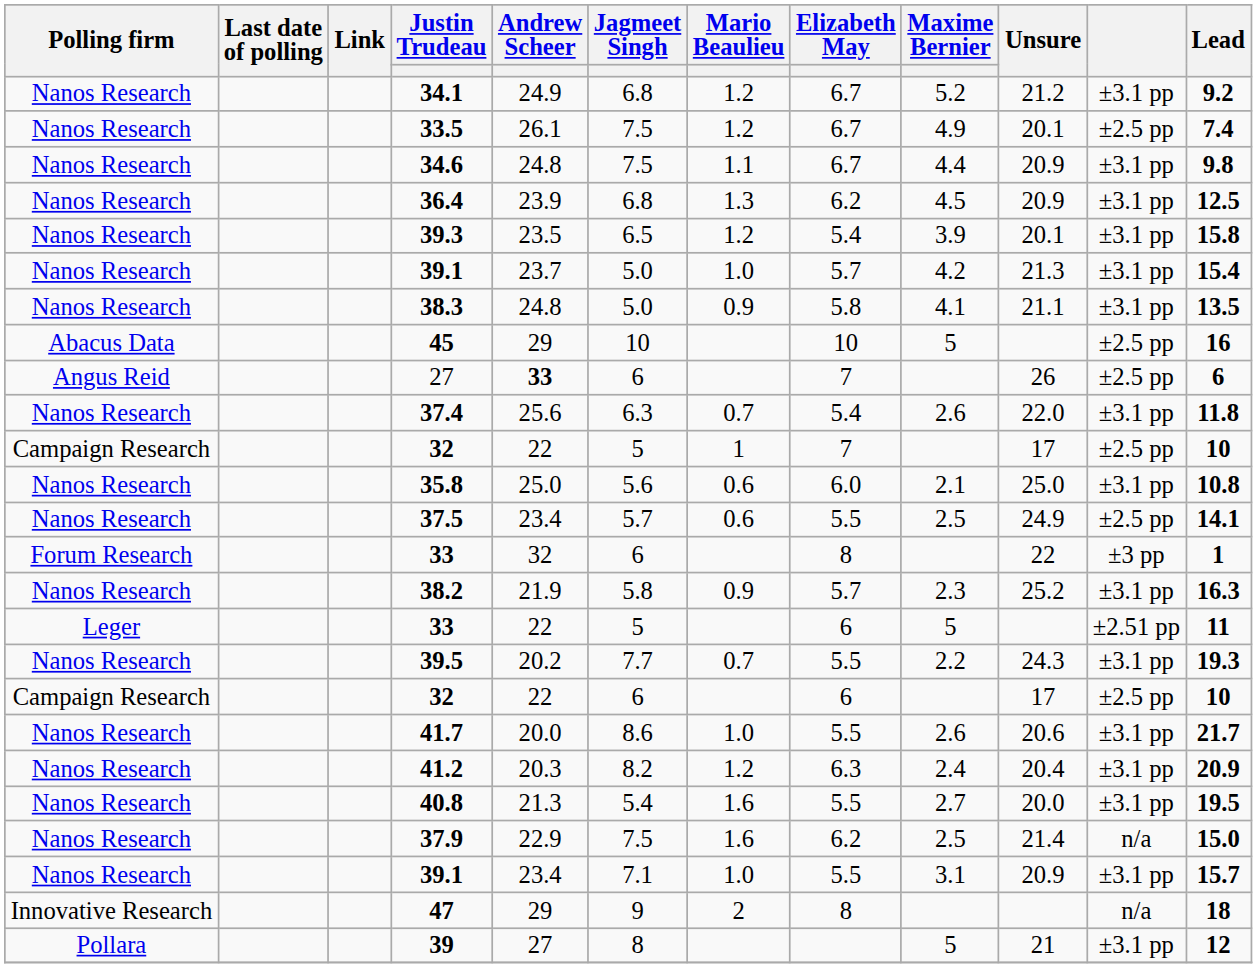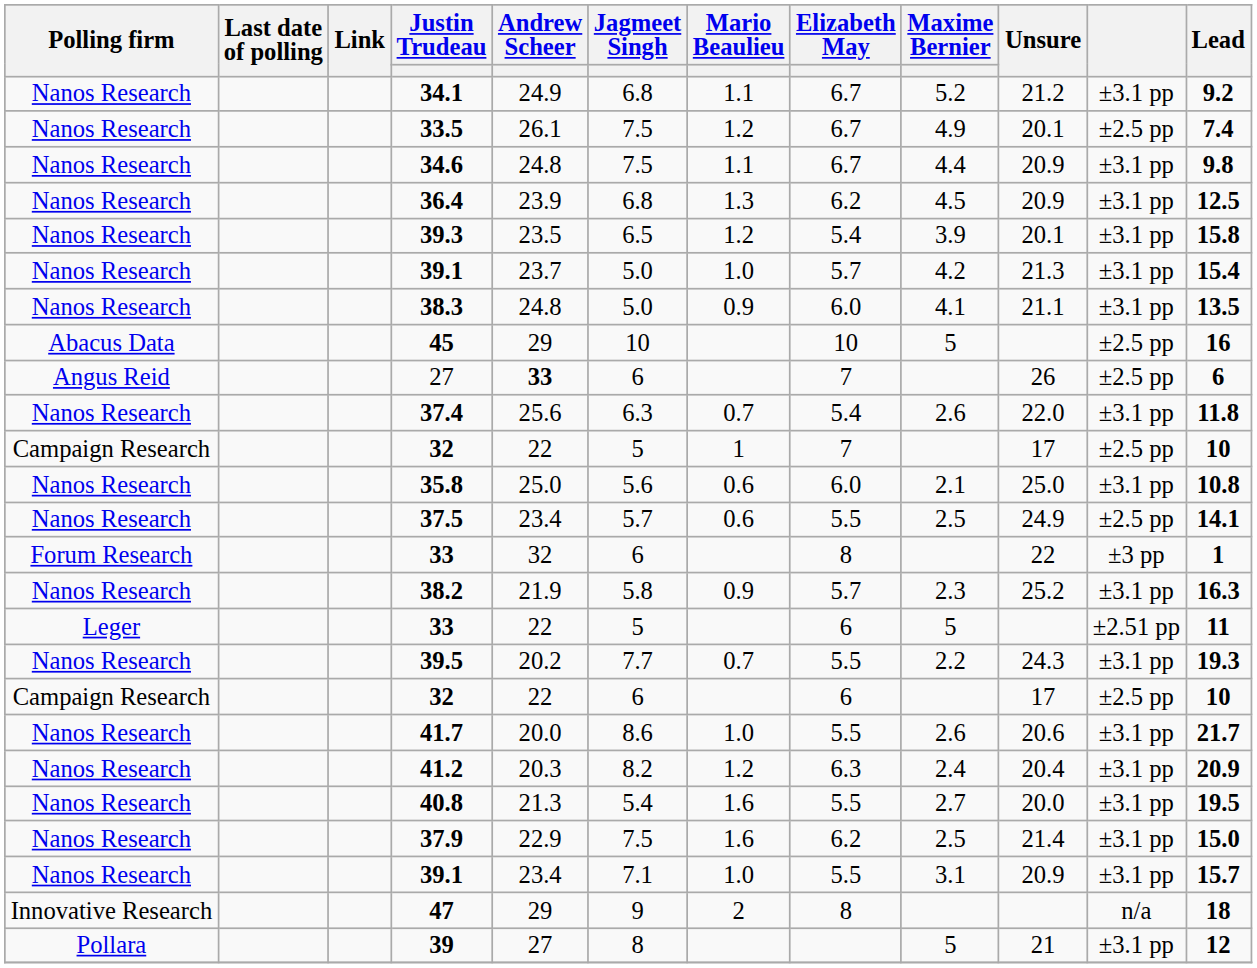 <table class="wikitable sortable mw-datatable" style="text-align:center;font-size:90%;line-height:14px;">
 <tr>
 <th rowspan="2">Polling firm</th>
 <th rowspan="2">Last date<br>of polling</th>
 <th rowspan="2">Link</th>
 <th class="unsortable" style="width:40px;"><a href='#'>Justin Trudeau</a></th>
 <th class="unsortable" style="width:40px;"><a href='#'>Andrew Scheer</a></th>
 <th class="unsortable" style="width:40px;"><a href='#'>Jagmeet Singh</a></th>
 <th class="unsortable" style="width:40px;"><a href='#'>Mario Beaulieu</a></th>
 <th class="unsortable" style="width:40px;"><a href='#'>Elizabeth May</a></th>
 <th class="unsortable" style="width:40px;"><a href='#'>Maxime Bernier</a></th>
 <th rowspan="2">Unsure</th>
 <th rowspan="2"></th>
 <th rowspan="2">Lead</th>
 </tr>
 <tr style="background:#e9e9e9;">
 <th style="background-color:"></th>
 <th style="background-color:"></th>
 <th style="background-color:"></th>
 <th style="background-color:"></th>
 <th style="background-color:"></th>
 <th style="background-color:"></th>
 </tr>
 <tr>
 <td><a href='#'>Nanos Research</a></td>
 <td></td>
 <td></td>
 <td><strong>34.1</strong></td>
 <td>24.9</td>
 <td>6.8</td>
-<td>1.2</td>
+<td>1.1</td>
 <td>6.7</td>
 <td>5.2</td>
 <td>21.2</td>
 <td>±3.1 pp</td>
 <td><strong>9.2</strong></td>
 </tr>
 <tr>
 <td><a href='#'>Nanos Research</a></td>
 <td></td>
 <td></td>
 <td><strong>33.5</strong></td>
 <td>26.1</td>
 <td>7.5</td>
 <td>1.2</td>
 <td>6.7</td>
 <td>4.9</td>
 <td>20.1</td>
 <td>±2.5 pp</td>
 <td><strong>7.4</strong></td>
 </tr>
 <tr>
 <td><a href='#'>Nanos Research</a></td>
 <td></td>
 <td></td>
 <td><strong>34.6</strong></td>
 <td>24.8</td>
 <td>7.5</td>
 <td>1.1</td>
 <td>6.7</td>
 <td>4.4</td>
 <td>20.9</td>
 <td>±3.1 pp</td>
 <td><strong>9.8</strong></td>
 </tr>
 <tr>
 <td><a href='#'>Nanos Research</a></td>
 <td></td>
 <td></td>
 <td><strong>36.4</strong></td>
 <td>23.9</td>
 <td>6.8</td>
 <td>1.3</td>
 <td>6.2</td>
 <td>4.5</td>
 <td>20.9</td>
 <td>±3.1 pp</td>
 <td><strong>12.5</strong></td>
 </tr>
 <tr>
 <td><a href='#'>Nanos Research</a></td>
 <td></td>
 <td></td>
 <td><strong>39.3</strong></td>
 <td>23.5</td>
 <td>6.5</td>
 <td>1.2</td>
 <td>5.4</td>
 <td>3.9</td>
 <td>20.1</td>
 <td>±3.1 pp</td>
 <td><strong>15.8</strong></td>
 </tr>
 <tr>
 <td><a href='#'>Nanos Research</a></td>
 <td></td>
 <td></td>
 <td><strong>39.1</strong></td>
 <td>23.7</td>
 <td>5.0</td>
 <td>1.0</td>
 <td>5.7</td>
 <td>4.2</td>
 <td>21.3</td>
 <td>±3.1 pp</td>
 <td><strong>15.4</strong></td>
 </tr>
 <tr>
 <td><a href='#'>Nanos Research</a></td>
 <td></td>
 <td></td>
 <td><strong>38.3</strong></td>
 <td>24.8</td>
 <td>5.0</td>
 <td>0.9</td>
-<td>5.8</td>
+<td>6.0</td>
 <td>4.1</td>
 <td>21.1</td>
 <td>±3.1 pp</td>
 <td><strong>13.5</strong></td>
 </tr>
 <tr>
 <td><a href='#'>Abacus Data</a></td>
 <td></td>
 <td></td>
 <td><strong>45</strong></td>
 <td>29</td>
 <td>10</td>
 <td></td>
 <td>10</td>
 <td>5</td>
 <td></td>
 <td>±2.5 pp</td>
 <td><strong>16</strong></td>
 </tr>
 <tr>
 <td><a href='#'>Angus Reid</a></td>
 <td></td>
 <td></td>
 <td>27</td>
 <td><strong>33</strong></td>
 <td>6</td>
 <td></td>
 <td>7</td>
 <td></td>
 <td>26</td>
 <td>±2.5 pp</td>
 <td><strong>6</strong></td>
 </tr>
 <tr>
 <td><a href='#'>Nanos Research</a></td>
 <td></td>
 <td></td>
 <td><strong>37.4</strong></td>
 <td>25.6</td>
 <td>6.3</td>
 <td>0.7</td>
 <td>5.4</td>
 <td>2.6</td>
 <td>22.0</td>
 <td>±3.1 pp</td>
 <td><strong>11.8</strong></td>
 </tr>
 <tr>
 <td>Campaign Research</td>
 <td></td>
 <td></td>
 <td><strong>32</strong></td>
 <td>22</td>
 <td>5</td>
 <td>1</td>
 <td>7</td>
 <td></td>
 <td>17</td>
 <td>±2.5 pp</td>
 <td><strong>10</strong></td>
 </tr>
 <tr>
 <td><a href='#'>Nanos Research</a></td>
 <td></td>
 <td></td>
 <td><strong>35.8</strong></td>
 <td>25.0</td>
 <td>5.6</td>
 <td>0.6</td>
 <td>6.0</td>
 <td>2.1</td>
 <td>25.0</td>
 <td>±3.1 pp</td>
 <td><strong>10.8</strong></td>
 </tr>
 <tr>
 <td><a href='#'>Nanos Research</a></td>
 <td></td>
 <td></td>
 <td><strong>37.5</strong></td>
 <td>23.4</td>
 <td>5.7</td>
 <td>0.6</td>
 <td>5.5</td>
 <td>2.5</td>
 <td>24.9</td>
 <td>±2.5 pp</td>
 <td><strong>14.1</strong></td>
 </tr>
 <tr>
 <td><a href='#'>Forum Research</a></td>
 <td></td>
 <td></td>
 <td><strong>33</strong></td>
 <td>32</td>
 <td>6</td>
 <td></td>
 <td>8</td>
 <td></td>
 <td>22</td>
 <td>±3 pp</td>
 <td><strong>1</strong></td>
 </tr>
 <tr>
 <td><a href='#'>Nanos Research</a></td>
 <td></td>
 <td></td>
 <td><strong>38.2</strong></td>
 <td>21.9</td>
 <td>5.8</td>
 <td>0.9</td>
 <td>5.7</td>
 <td>2.3</td>
 <td>25.2</td>
 <td>±3.1 pp</td>
 <td><strong>16.3</strong></td>
 </tr>
 <tr>
 <td><a href='#'>Leger</a></td>
 <td></td>
 <td></td>
 <td><strong>33</strong></td>
 <td>22</td>
 <td>5</td>
 <td></td>
 <td>6</td>
 <td>5</td>
 <td></td>
 <td>±2.51 pp</td>
 <td><strong>11</strong></td>
 </tr>
 <tr>
 <td><a href='#'>Nanos Research</a></td>
 <td></td>
 <td></td>
 <td><strong>39.5</strong></td>
 <td>20.2</td>
 <td>7.7</td>
 <td>0.7</td>
 <td>5.5</td>
 <td>2.2</td>
 <td>24.3</td>
 <td>±3.1 pp</td>
 <td><strong>19.3</strong></td>
 </tr>
 <tr>
 <td>Campaign Research</td>
 <td></td>
 <td></td>
 <td><strong>32</strong></td>
 <td>22</td>
 <td>6</td>
 <td></td>
 <td>6</td>
 <td></td>
 <td>17</td>
 <td>±2.5 pp</td>
 <td><strong>10</strong></td>
 </tr>
 <tr>
 <td><a href='#'>Nanos Research</a></td>
 <td></td>
 <td></td>
 <td><strong>41.7</strong></td>
 <td>20.0</td>
 <td>8.6</td>
 <td>1.0</td>
 <td>5.5</td>
 <td>2.6</td>
 <td>20.6</td>
 <td>±3.1 pp</td>
 <td><strong>21.7</strong></td>
 </tr>
 <tr>
 <td><a href='#'>Nanos Research</a></td>
 <td></td>
 <td></td>
 <td><strong>41.2</strong></td>
 <td>20.3</td>
 <td>8.2</td>
 <td>1.2</td>
 <td>6.3</td>
 <td>2.4</td>
 <td>20.4</td>
 <td>±3.1 pp</td>
 <td><strong>20.9</strong></td>
 </tr>
 <tr>
 <td><a href='#'>Nanos Research</a></td>
 <td></td>
 <td></td>
 <td><strong>40.8</strong></td>
 <td>21.3</td>
 <td>5.4</td>
 <td>1.6</td>
 <td>5.5</td>
 <td>2.7</td>
 <td>20.0</td>
 <td>±3.1 pp</td>
 <td><strong>19.5</strong></td>
 </tr>
 <tr>
 <td><a href='#'>Nanos Research</a></td>
 <td></td>
 <td></td>
 <td><strong>37.9</strong></td>
 <td>22.9</td>
 <td>7.5</td>
 <td>1.6</td>
 <td>6.2</td>
 <td>2.5</td>
 <td>21.4</td>
-<td>n/a</td>
+<td>±3.1 pp</td>
 <td><strong>15.0</strong></td>
 </tr>
 <tr>
 <td><a href='#'>Nanos Research</a></td>
 <td></td>
 <td></td>
 <td><strong>39.1</strong></td>
 <td>23.4</td>
 <td>7.1</td>
 <td>1.0</td>
 <td>5.5</td>
 <td>3.1</td>
 <td>20.9</td>
 <td>±3.1 pp</td>
 <td><strong>15.7</strong></td>
 </tr>
 <tr>
 <td>Innovative Research</td>
 <td></td>
 <td></td>
 <td><strong>47</strong></td>
 <td>29</td>
 <td>9</td>
 <td>2</td>
 <td>8</td>
 <td></td>
 <td></td>
 <td>n/a</td>
 <td><strong>18</strong></td>
 </tr>
 <tr>
 <td><a href='#'>Pollara</a></td>
 <td></td>
 <td></td>
 <td><strong>39</strong></td>
 <td>27</td>
 <td>8</td>
 <td></td>
 <td></td>
 <td>5</td>
 <td>21</td>
 <td>±3.1 pp</td>
 <td><strong>12</strong></td>
 </tr>
 <tr>
 </tr>
 </table>
